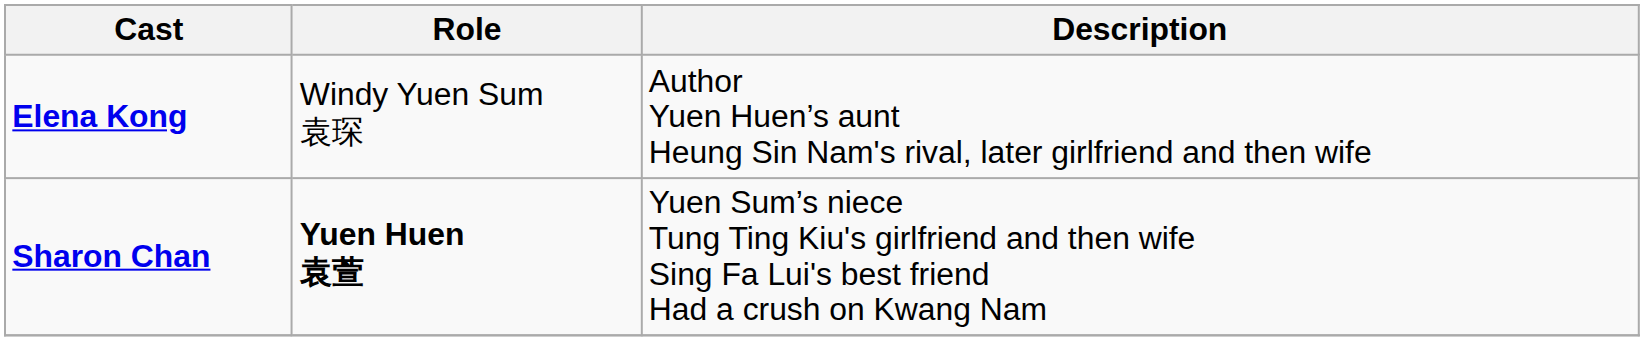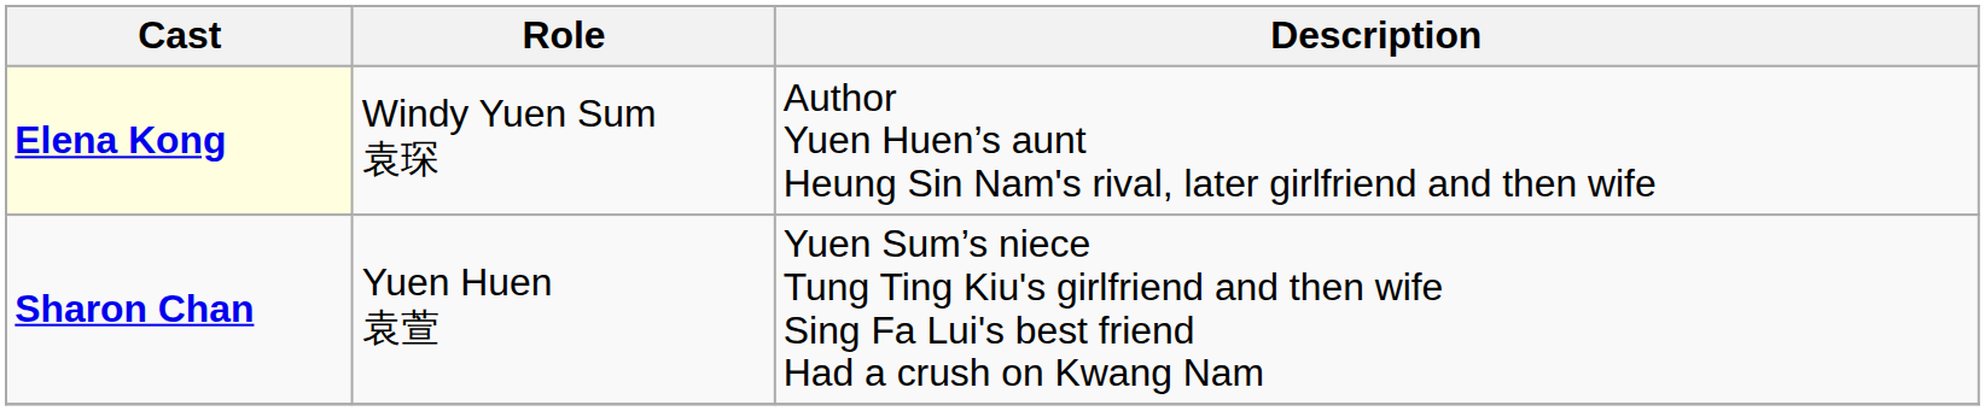 <table class="wikitable" width="65%">
 <tr>
 <th>Cast</th>
 <th>Role</th>
 <th>Description</th>
 </tr>
 <tr>
-<td><strong><a href='#'>Elena Kong</a></strong></td>
+<td style="background: lightyellow;"><strong><a href='#'>Elena Kong</a></strong></td>
 <td>Windy Yuen Sum<br>袁琛</td>
 <td>Author<br>Yuen Huen’s  aunt<br>Heung Sin Nam's rival, later girlfriend and then wife<br></td>
 </tr>
 <tr>
 <td><strong><a href='#'>Sharon Chan</a></strong></td>
-<td><strong>Yuen Huen<br>袁萱</strong></td>
+<td>Yuen Huen<br>袁萱</td>
 <td>Yuen Sum’s niece<br>Tung Ting Kiu's girlfriend and then wife<br>Sing Fa Lui's best friend<br>Had a crush on Kwang Nam</td>
 </tr>
 <tr>
 </tr>
 </table>
